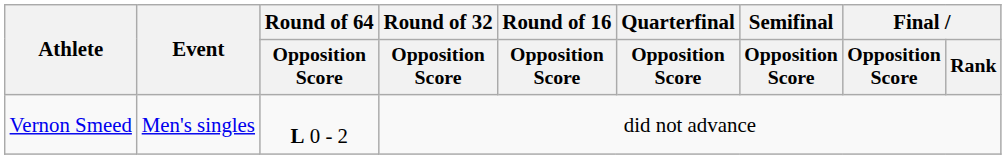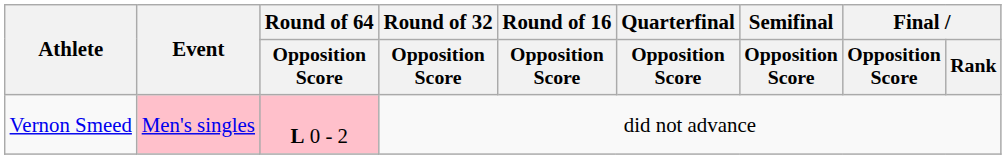 <table class=wikitable style="font-size:90%">
 <tr>
 <th rowspan=2>Athlete</th>
 <th rowspan=2>Event</th>
 <th>Round of 64</th>
 <th>Round of 32</th>
 <th>Round of 16</th>
 <th>Quarterfinal</th>
 <th>Semifinal</th>
 <th colspan=2>Final / </th>
 </tr>
 <tr style="font-size:95%">
 <th>Opposition<br>Score</th>
 <th>Opposition<br>Score</th>
 <th>Opposition<br>Score</th>
 <th>Opposition<br>Score</th>
 <th>Opposition<br>Score</th>
 <th>Opposition<br>Score</th>
 <th>Rank</th>
 </tr>
 <tr align=center>
 <td align=left><a href='#'>Vernon Smeed</a></td>
-<td align=left><a href='#'>Men's singles</a></td>
-<td><br><strong>L</strong> 0 - 2</td>
+<td align=left style="background: pink;"><a href='#'>Men's singles</a></td>
+<td style="background: pink;"><br><strong>L</strong> 0 - 2</td>
 <td colspan=6>did not advance</td>
 </tr>
 </table>
